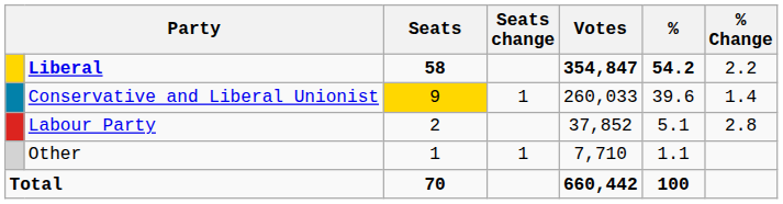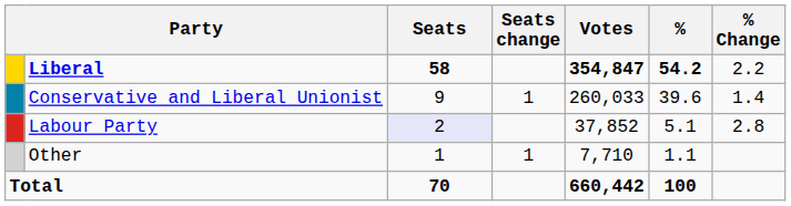 <table class="wikitable sortable">
 <tr>
 <th style="width:200px" colspan=3>Party</th>
 <th style="width:70px;">Seats</th>
 <th style="width:40px;">Seats change</th>
 <th style="width:40px;">Votes</th>
 <th style="width:40px;">%</th>
 <th style="width:40px;">% Change</th>
 </tr>
 <tr>
 <td style="background-color:#FFD700"> </td>
 <td colspan=2><strong><a href='#'>Liberal</a></strong></td>
 <td align=center><strong>58</strong></td>
 <td align=center></td>
 <td align=center><strong>354,847</strong></td>
 <td align=center><strong>54.2</strong></td>
 <td align=center> 2.2</td>
 </tr>
 <tr>
 <td style="background-color:#0281AA"> </td>
 <td colspan=2><a href='#'>Conservative and Liberal Unionist</a></td>
-<td align="center" style="background: gold;">9</td>
+<td align="center">9</td>
 <td align="center"> 1</td>
 <td align="center">260,033</td>
 <td align="center">39.6</td>
 <td align="center"> 1.4</td>
 </tr>
 <tr>
 <td style="background-color:#DC241f"> </td>
 <td colspan=2><a href='#'>Labour Party</a></td>
-<td align=center>2</td>
+<td align=center style="background: lavender;">2</td>
 <td align=center></td>
 <td align=center>37,852</td>
 <td align=center>5.1</td>
 <td align=center> 2.8</td>
 </tr>
 <tr>
 <td style="background-color:#D3D3D3"> </td>
 <td colspan=2>Other</td>
 <td align="center">1</td>
 <td align="center"> 1</td>
 <td align="center">7,710</td>
 <td align="center">1.1</td>
 <td align="center"></td>
 </tr>
 <tr>
 <td colspan=3><strong>Total</strong></td>
 <td align=center><strong>70</strong></td>
 <td align=center></td>
 <td align=center><strong>660,442</strong></td>
 <td align=center><strong>100</strong></td>
 <td align=center></td>
 </tr>
 </table>
